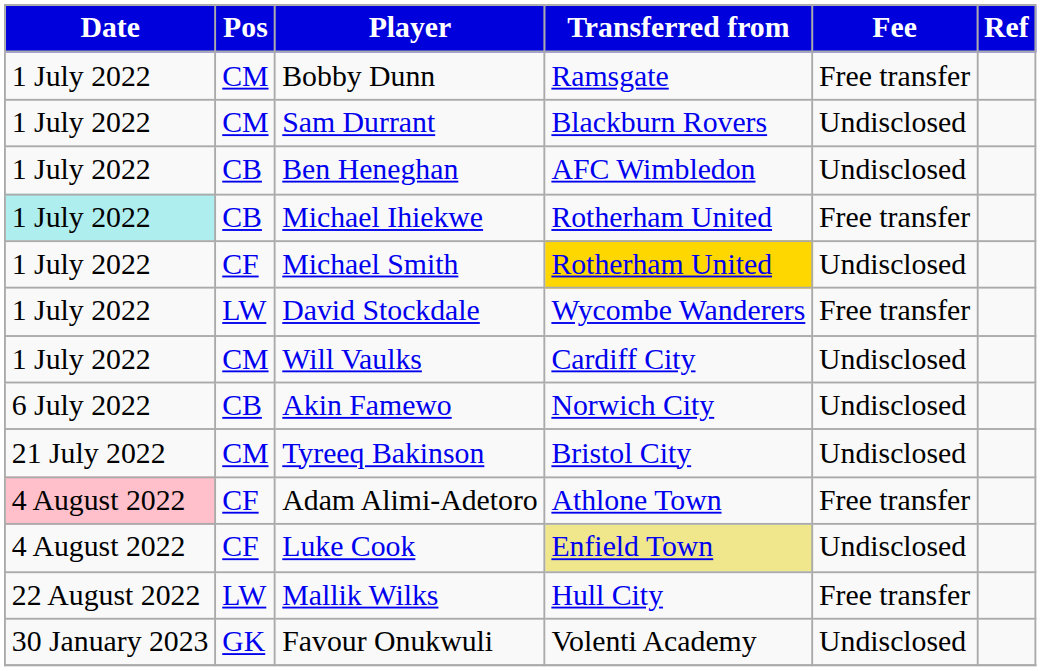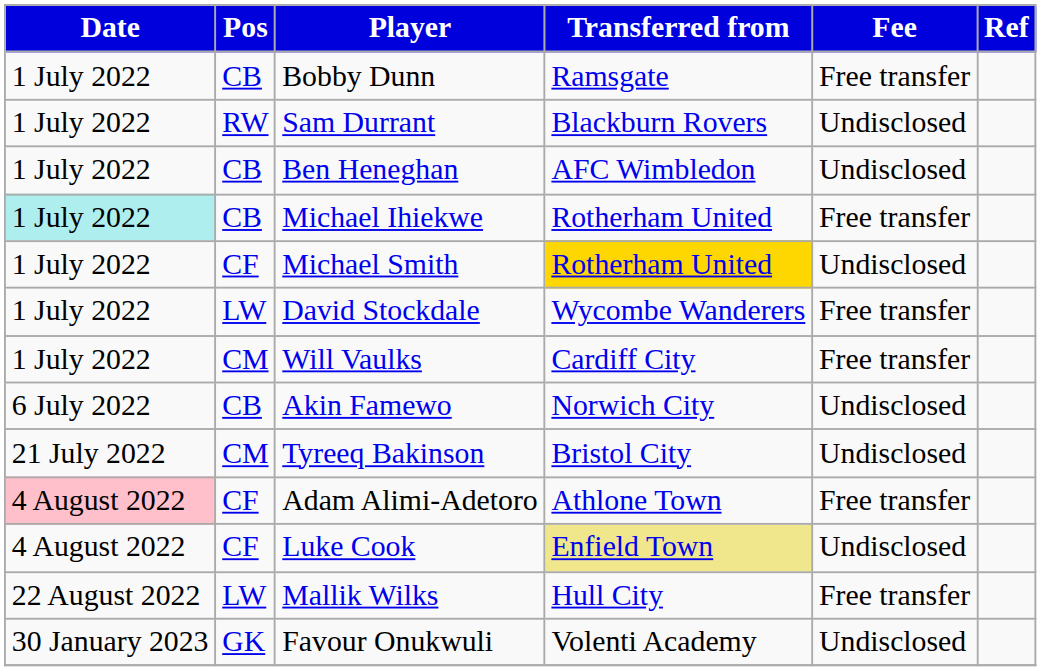 <table class="wikitable plainrowheaders sortable">
 <tr>
 <th style="background:#0000DD; color:#FFFFFF; ">Date</th>
 <th style="background:#0000DD; color:#FFFFFF; ">Pos</th>
 <th style="background:#0000DD; color:#FFFFFF; ">Player</th>
 <th style="background:#0000DD; color:#FFFFFF; ">Transferred from</th>
 <th style="background:#0000DD; color:#FFFFFF; ">Fee</th>
 <th style="background:#0000DD; color:#FFFFFF; ">Ref</th>
 </tr>
 <tr>
 <td>1 July 2022</td>
-<td><a href='#'>CM</a></td>
+<td><a href='#'>CB</a></td>
 <td> Bobby Dunn</td>
 <td> <a href='#'>Ramsgate</a></td>
 <td>Free transfer</td>
 <td></td>
 </tr>
 <tr>
 <td>1 July 2022</td>
-<td><a href='#'>CM</a></td>
+<td><a href='#'>RW</a></td>
 <td> <a href='#'>Sam Durrant</a></td>
 <td> <a href='#'>Blackburn Rovers</a></td>
 <td>Undisclosed</td>
 <td></td>
 </tr>
 <tr>
 <td>1 July 2022</td>
 <td><a href='#'>CB</a></td>
 <td> <a href='#'>Ben Heneghan</a></td>
 <td> <a href='#'>AFC Wimbledon</a></td>
 <td>Undisclosed</td>
 <td></td>
 </tr>
 <tr>
 <td style="background: paleturquoise;">1 July 2022</td>
 <td><a href='#'>CB</a></td>
 <td> <a href='#'>Michael Ihiekwe</a></td>
 <td> <a href='#'>Rotherham United</a></td>
 <td>Free transfer</td>
 <td></td>
 </tr>
 <tr>
 <td>1 July 2022</td>
 <td><a href='#'>CF</a></td>
 <td> <a href='#'>Michael Smith</a></td>
 <td style="background: gold;"> <a href='#'>Rotherham United</a></td>
 <td>Undisclosed</td>
 <td></td>
 </tr>
 <tr>
 <td>1 July 2022</td>
 <td><a href='#'>LW</a></td>
 <td> <a href='#'>David Stockdale</a></td>
 <td> <a href='#'>Wycombe Wanderers</a></td>
 <td>Free transfer</td>
 <td></td>
 </tr>
 <tr>
 <td>1 July 2022</td>
 <td><a href='#'>CM</a></td>
 <td> <a href='#'>Will Vaulks</a></td>
 <td> <a href='#'>Cardiff City</a></td>
-<td>Undisclosed</td>
+<td>Free transfer</td>
 <td></td>
 </tr>
 <tr>
 <td>6 July 2022</td>
 <td><a href='#'>CB</a></td>
 <td> <a href='#'>Akin Famewo</a></td>
 <td> <a href='#'>Norwich City</a></td>
 <td>Undisclosed</td>
 <td></td>
 </tr>
 <tr>
 <td>21 July 2022</td>
 <td><a href='#'>CM</a></td>
 <td> <a href='#'>Tyreeq Bakinson</a></td>
 <td> <a href='#'>Bristol City</a></td>
 <td>Undisclosed</td>
 <td></td>
 </tr>
 <tr>
 <td style="background: pink;">4 August 2022</td>
 <td><a href='#'>CF</a></td>
 <td> Adam Alimi-Adetoro</td>
 <td> <a href='#'>Athlone Town</a></td>
 <td>Free transfer</td>
 <td></td>
 </tr>
 <tr>
 <td>4 August 2022</td>
 <td><a href='#'>CF</a></td>
 <td> <a href='#'>Luke Cook</a></td>
 <td style="background: khaki;"> <a href='#'>Enfield Town</a></td>
 <td>Undisclosed</td>
 <td></td>
 </tr>
 <tr>
 <td>22 August 2022</td>
 <td><a href='#'>LW</a></td>
 <td> <a href='#'>Mallik Wilks</a></td>
 <td> <a href='#'>Hull City</a></td>
 <td>Free transfer</td>
 <td></td>
 </tr>
 <tr>
 <td>30 January 2023</td>
 <td><a href='#'>GK</a></td>
 <td> Favour Onukwuli</td>
 <td> Volenti Academy</td>
 <td>Undisclosed</td>
 <td></td>
 </tr>
 <tr>
 </tr>
 </table>
